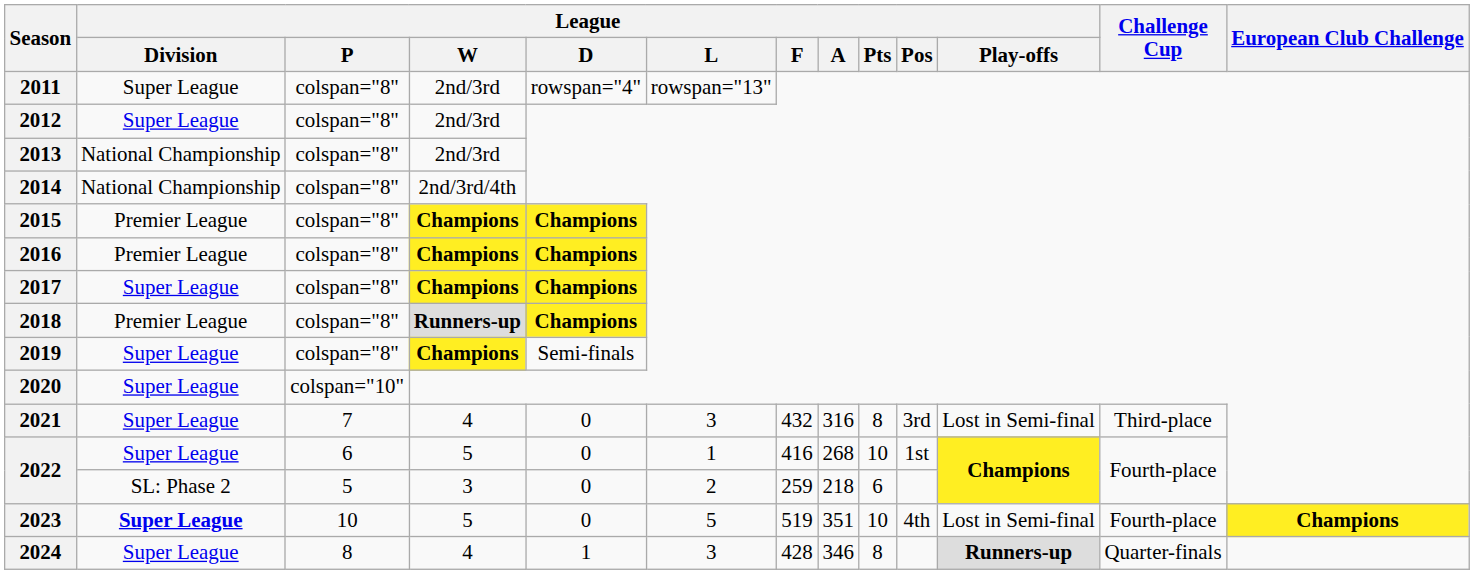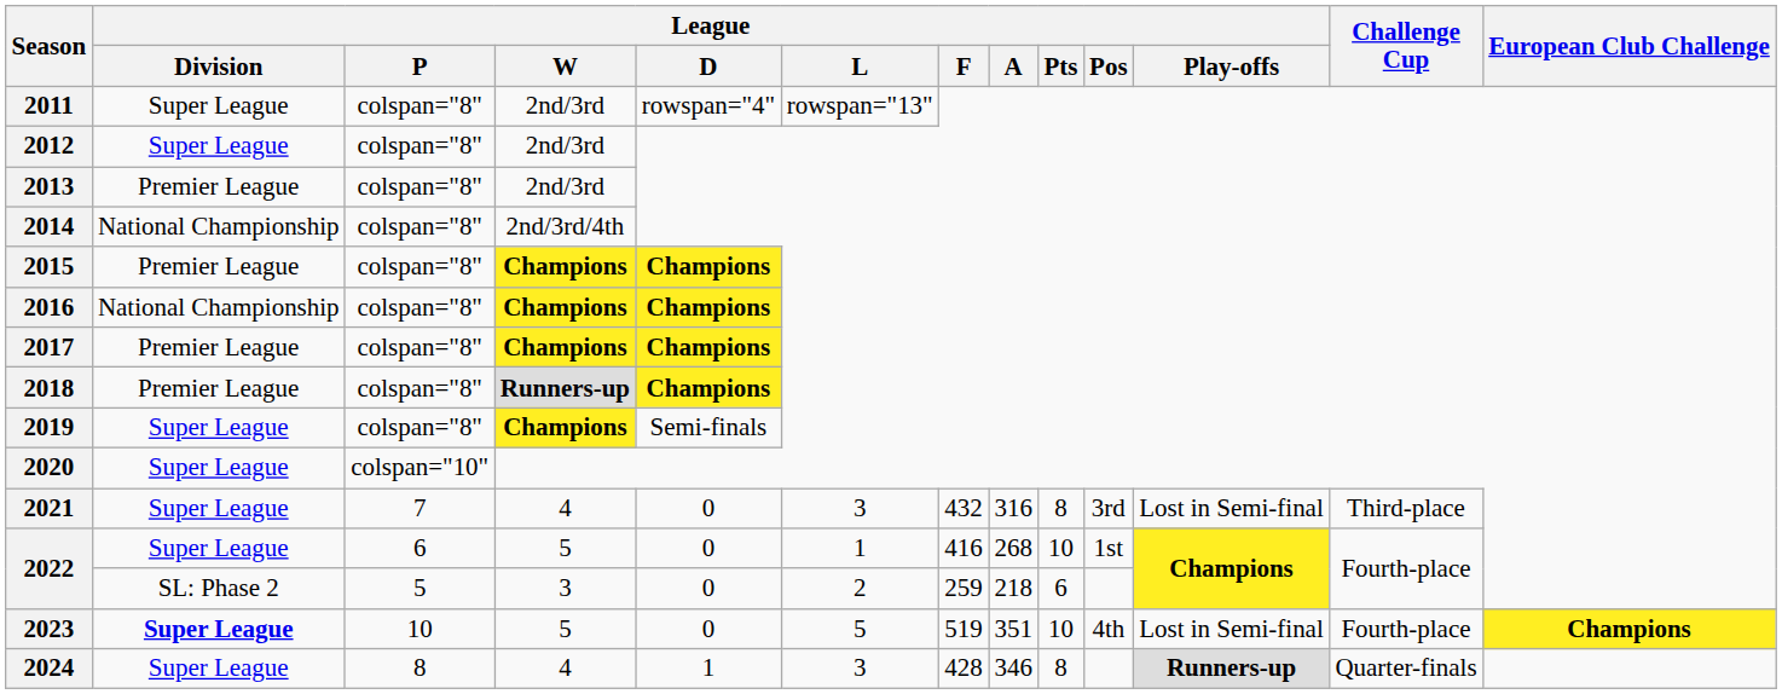 <table class="wikitable" style="text-align: center">
 <tr>
 <th rowspan="2" scope="col">Season</th>
 <th colspan="10" scope="col">League</th>
 <th rowspan="2" scope="col"><a href='#'>Challenge<br>Cup</a></th>
 <th rowspan="2" scope="col"><a href='#'>European Club Challenge</a></th>
 </tr>
 <tr>
 <th scope="col">Division</th>
 <th scope="col">P</th>
 <th scope="col">W</th>
 <th scope="col">D</th>
 <th scope="col">L</th>
 <th scope="col">F</th>
 <th scope="col">A</th>
 <th scope="col">Pts</th>
 <th scope="col">Pos</th>
 <th scope="col">Play-offs</th>
 </tr>
 <tr>
 <th scope="row">2011</th>
 <td>Super League</td>
 <td>colspan="8"</td>
 <td>2nd/3rd</td>
 <td>rowspan="4"</td>
 <td>rowspan="13"</td>
 </tr>
 <tr>
 <th scope="row">2012</th>
 <td><a href='#'>Super League</a></td>
 <td>colspan="8"</td>
 <td>2nd/3rd</td>
 </tr>
 <tr>
 <th scope="row">2013</th>
-<td>National Championship</td>
+<td>Premier League</td>
 <td>colspan="8"</td>
 <td>2nd/3rd</td>
 </tr>
 <tr>
 <th scope="row">2014</th>
 <td>National Championship</td>
 <td>colspan="8"</td>
 <td>2nd/3rd/4th</td>
 </tr>
 <tr>
 <th scope="row">2015</th>
 <td>Premier League</td>
 <td>colspan="8"</td>
 <td style="background-color:#FE2"><strong>Champions</strong></td>
 <td style="background-color:#FE2"><strong>Champions</strong></td>
 </tr>
 <tr>
 <th scope="row">2016</th>
-<td>Premier League</td>
+<td>National Championship</td>
 <td>colspan="8"</td>
 <td style="background-color:#FE2"><strong>Champions</strong></td>
 <td style="background-color:#FE2"><strong>Champions</strong></td>
 </tr>
 <tr>
 <th scope="row">2017</th>
-<td><a href='#'>Super League</a></td>
+<td>Premier League</td>
 <td>colspan="8"</td>
 <td style="background-color:#FE2"><strong>Champions</strong></td>
 <td style="background-color:#FE2"><strong>Champions</strong></td>
 </tr>
 <tr>
 <th scope="row">2018</th>
 <td>Premier League</td>
 <td>colspan="8"</td>
 <td style="background-color:#DDD"><strong>Runners-up</strong></td>
 <td style="background-color:#FE2"><strong>Champions</strong></td>
 </tr>
 <tr>
 <th scope="row">2019</th>
 <td><a href='#'>Super League</a></td>
 <td>colspan="8"</td>
 <td style="background-color:#FE2"><strong>Champions</strong></td>
 <td>Semi-finals</td>
 </tr>
 <tr>
 <th scope="row">2020</th>
 <td><a href='#'>Super League</a></td>
 <td>colspan="10"</td>
 </tr>
 <tr>
 <th scope="row">2021</th>
 <td><a href='#'>Super League</a></td>
 <td>7</td>
 <td>4</td>
 <td>0</td>
 <td>3</td>
 <td>432</td>
 <td>316</td>
 <td>8</td>
 <td>3rd</td>
 <td>Lost in Semi-final</td>
 <td>Third-place</td>
 </tr>
 <tr>
 <th scope="row" rowspan="2">2022</th>
 <td><a href='#'>Super League</a></td>
 <td>6</td>
 <td>5</td>
 <td>0</td>
 <td>1</td>
 <td>416</td>
 <td>268</td>
 <td>10</td>
 <td>1st</td>
 <td rowspan="2" style="background-color:#FE2"><strong>Champions</strong></td>
 <td rowspan="2">Fourth-place</td>
 </tr>
 <tr>
 <td>SL: Phase 2</td>
 <td>5</td>
 <td>3</td>
 <td>0</td>
 <td>2</td>
 <td>259</td>
 <td>218</td>
 <td>6</td>
 <td></td>
 </tr>
 <tr>
 <th scope="row">2023</th>
 <td><strong><a href='#'>Super League</a></strong></td>
 <td>10</td>
 <td>5</td>
 <td>0</td>
 <td>5</td>
 <td>519</td>
 <td>351</td>
 <td>10</td>
 <td>4th</td>
 <td>Lost in Semi-final</td>
 <td>Fourth-place</td>
 <td style="background-color:#FE2"><strong>Champions</strong></td>
 </tr>
 <tr>
 <th scope="row">2024</th>
 <td><a href='#'>Super League</a></td>
 <td>8</td>
 <td>4</td>
 <td>1</td>
 <td>3</td>
 <td>428</td>
 <td>346</td>
 <td>8</td>
 <td></td>
 <td style="background-color:#DDD"><strong>Runners-up</strong></td>
 <td>Quarter-finals</td>
 <td></td>
 </tr>
 </table>
